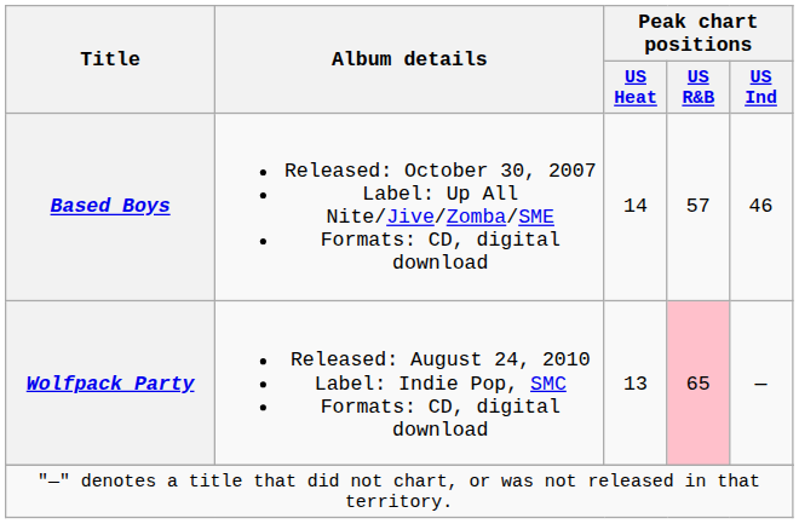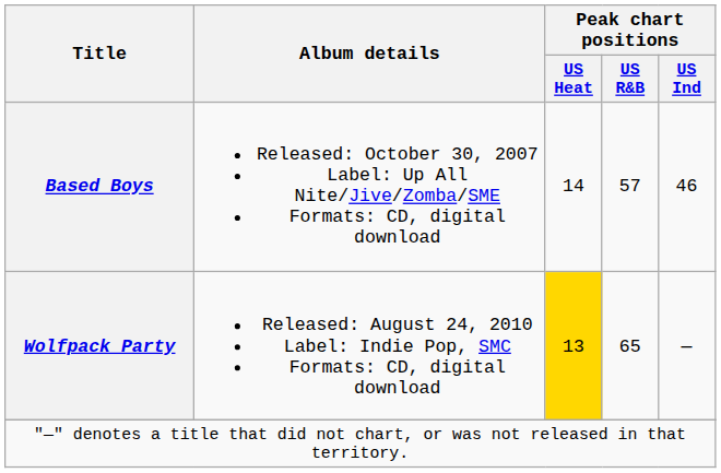 <table class="wikitable plainrowheaders" style="text-align:center;">
 <tr>
 <th rowspan="2" scope="col" style="width:10em;">Title</th>
 <th rowspan="2" scope="col" style="width:19em;">Album details</th>
 <th colspan="3" scope="col">Peak chart positions</th>
 </tr>
 <tr>
 <th scope="col" style="width:3em;font-size:90%;"><a href='#'>US Heat</a></th>
 <th scope="col" style="width:3em;font-size:90%;"><a href='#'>US R&B</a></th>
 <th scope="col" style="width:3em;font-size:90%;"><a href='#'>US<br>Ind</a></th>
 </tr>
 <tr>
 <th scope="row"><em><a href='#'>Based Boys</a></em></th>
 <td><br><ul><li>Released: October 30, 2007</li><li>Label: Up All Nite/<a href='#'>Jive</a>/<a href='#'>Zomba</a>/<a href='#'>SME</a></li><li>Formats: CD, digital download</li></ul></td>
 <td>14</td>
 <td>57</td>
 <td>46</td>
 </tr>
 <tr>
 <th scope="row"><em><a href='#'>Wolfpack Party</a></em></th>
 <td><br><ul><li>Released: August 24, 2010</li><li>Label: Indie Pop, <a href='#'>SMC</a></li><li>Formats: CD, digital download</li></ul></td>
-<td>13</td>
-<td style="background: pink;">65</td>
+<td style="background: gold;">13</td>
+<td>65</td>
 <td>—</td>
 </tr>
 <tr>
 </tr>
 <tr>
 <td colspan="14" style="font-size:90%">"—" denotes a title that did not chart, or was not released in that territory.</td>
 </tr>
 </table>
